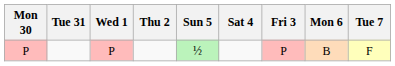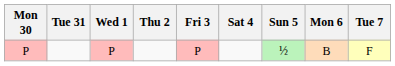 <table class="wikitable" style="margin:0.5em auto; font-size:90%; line-height:1.25em; text-align:center">
 <tr>
 <th width="45">Mon 30</th>
 <th width="45">Tue 31</th>
 <th width="45">Wed 1</th>
 <th width="45">Thu 2</th>
+<th width="45">Fri 3</th>
+<th width="45">Sat 4</th>
 <th width="45">Sun 5</th>
-<th width="45">Sat 4</th>
-<th width="45">Fri 3</th>
 <th width="45">Mon 6</th>
 <th width="45">Tue 7</th>
 </tr>
 <tr>
 <td bgcolor="#FFBBBB">P</td>
 <td></td>
 <td bgcolor="#FFBBBB">P</td>
 <td></td>
+<td bgcolor="#FFBBBB">P</td>
+<td></td>
 <td bgcolor="#BBF3BB"colspan="1">½</td>
-<td></td>
-<td bgcolor="#FFBBBB">P</td>
 <td bgcolor="#FEDCBA">B</td>
 <td bgcolor="#FFFFBB">F</td>
 </tr>
 </table>
